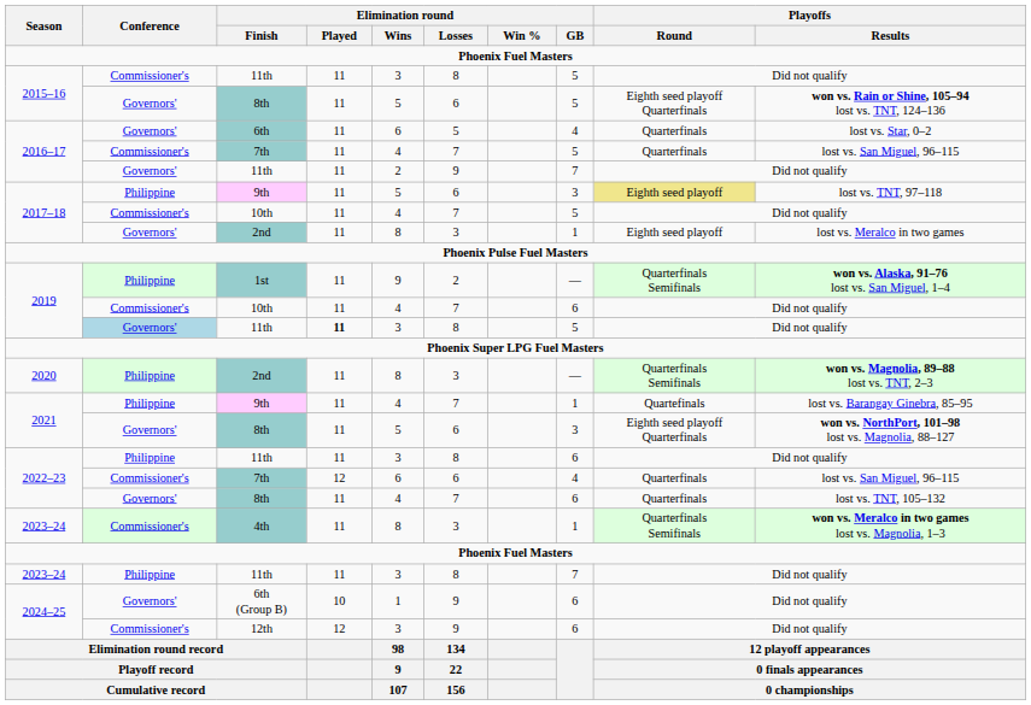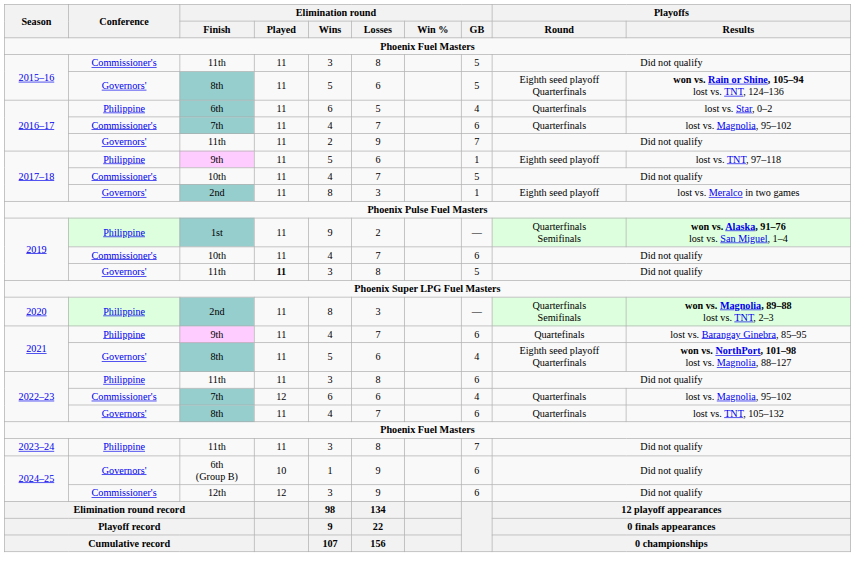 <table class="wikitable" style="width:100%; text-align:center; font-size:95%">
 <tr>
 <th rowspan=2>Season</th>
 <th rowspan=2>Conference</th>
 <th colspan=6>Elimination round</th>
 <th colspan=2>Playoffs</th>
 </tr>
 <tr>
 <th>Finish</th>
 <th>Played</th>
 <th>Wins</th>
 <th>Losses</th>
 <th>Win %</th>
 <th>GB</th>
 <th>Round</th>
 <th>Results</th>
 </tr>
 <tr>
 <td align="center" colspan="10"><strong>Phoenix Fuel Masters</strong></td>
 </tr>
 <tr>
 <td rowspan=2><a href='#'>2015–16</a> <br> </td>
 <td><a href='#'>Commissioner's</a></td>
 <td>11th</td>
 <td>11</td>
 <td>3</td>
 <td>8</td>
 <td></td>
 <td>5</td>
 <td colspan=2>Did not qualify</td>
 </tr>
 <tr>
 <td><a href='#'>Governors'</a></td>
 <td bgcolor="#96CDCD">8th</td>
 <td>11</td>
 <td>5</td>
 <td>6</td>
 <td></td>
 <td>5</td>
 <td>Eighth seed playoff <br> Quarterfinals</td>
 <td><strong>won vs. <a href='#'>Rain or Shine</a>, 105–94</strong> <br> lost vs. <a href='#'>TNT</a>, 124–136</td>
 </tr>
 <tr>
 <td rowspan=3><a href='#'>2016–17</a> <br> </td>
-<td><a href='#'>Governors'</a></td>
+<td><a href='#'>Philippine</a></td>
 <td bgcolor="#96CDCD">6th</td>
 <td>11</td>
 <td>6</td>
 <td>5</td>
 <td></td>
 <td>4</td>
 <td>Quarterfinals</td>
 <td>lost vs. <a href='#'>Star</a>, 0–2</td>
 </tr>
 <tr>
 <td><a href='#'>Commissioner's</a></td>
 <td bgcolor="#96CDCD">7th</td>
 <td>11</td>
 <td>4</td>
 <td>7</td>
 <td></td>
-<td>5</td>
+<td>6</td>
 <td>Quarterfinals</td>
-<td>lost vs. <a href='#'>San Miguel</a>, 96–115</td>
+<td>lost vs. <a href='#'>Magnolia</a>, 95–102</td>
 </tr>
 <tr>
 <td><a href='#'>Governors'</a></td>
 <td>11th</td>
 <td>11</td>
 <td>2</td>
 <td>9</td>
 <td></td>
 <td>7</td>
 <td colspan=2>Did not qualify</td>
 </tr>
 <tr>
 <td rowspan=3><a href='#'>2017–18</a> <br> </td>
 <td><a href='#'>Philippine</a></td>
 <td bgcolor="#FFCCFF">9th</td>
 <td>11</td>
 <td>5</td>
 <td>6</td>
 <td></td>
-<td>3</td>
-<td style="background: khaki;">Eighth seed playoff</td>
+<td>1</td>
+<td>Eighth seed playoff</td>
 <td>lost vs. <a href='#'>TNT</a>, 97–118</td>
 </tr>
 <tr>
 <td><a href='#'>Commissioner's</a></td>
 <td>10th</td>
 <td>11</td>
 <td>4</td>
 <td>7</td>
 <td></td>
 <td>5</td>
 <td colspan=2>Did not qualify</td>
 </tr>
 <tr>
 <td><a href='#'>Governors'</a></td>
 <td bgcolor="#96CDCD">2nd</td>
 <td>11</td>
 <td>8</td>
 <td>3</td>
 <td></td>
 <td>1</td>
 <td>Eighth seed playoff</td>
 <td>lost vs. <a href='#'>Meralco</a> in two games</td>
 </tr>
 <tr>
 <td align="center" colspan="10"><strong>Phoenix Pulse Fuel Masters</strong></td>
 </tr>
 <tr>
 <td rowspan=3><a href='#'>2019</a> <br> </td>
 <td bgcolor="#DDFFDD"><a href='#'>Philippine</a></td>
 <td bgcolor="#96CDCD">1st</td>
 <td>11</td>
 <td>9</td>
 <td>2</td>
 <td></td>
 <td>—</td>
 <td bgcolor="#DDFFDD">Quarterfinals <br> Semifinals</td>
 <td bgcolor="#DDFFDD"><strong>won vs. <a href='#'>Alaska</a>, 91–76</strong> <br> lost vs. <a href='#'>San Miguel</a>, 1–4</td>
 </tr>
 <tr>
 <td><a href='#'>Commissioner's</a></td>
 <td>10th</td>
 <td>11</td>
 <td>4</td>
 <td>7</td>
 <td></td>
 <td>6</td>
 <td colspan=2>Did not qualify</td>
 </tr>
 <tr>
-<td style="background: lightblue;"><a href='#'>Governors'</a></td>
+<td><a href='#'>Governors'</a></td>
 <td>11th</td>
 <td><strong>11</strong></td>
 <td>3</td>
 <td>8</td>
 <td></td>
 <td>5</td>
 <td colspan=2>Did not qualify</td>
 </tr>
 <tr>
 <td align="center" colspan="10"><strong>Phoenix Super LPG Fuel Masters</strong></td>
 </tr>
 <tr>
 <td><a href='#'>2020</a> <br> </td>
 <td bgcolor="#DDFFDD"><a href='#'>Philippine</a></td>
 <td bgcolor="#96CDCD">2nd</td>
 <td>11</td>
 <td>8</td>
 <td>3</td>
 <td></td>
 <td>—</td>
 <td bgcolor="#DDFFDD">Quarterfinals <br> Semifinals</td>
 <td bgcolor="#DDFFDD"><strong>won vs. <a href='#'>Magnolia</a>, 89–88</strong> <br> lost vs. <a href='#'>TNT</a>, 2–3</td>
 </tr>
 <tr>
 <td rowspan=2><a href='#'>2021</a> <br> </td>
 <td><a href='#'>Philippine</a></td>
 <td bgcolor="#FFCCFF">9th</td>
 <td>11</td>
 <td>4</td>
 <td>7</td>
 <td></td>
-<td>1</td>
+<td>6</td>
 <td>Quartefinals</td>
 <td>lost vs. <a href='#'>Barangay Ginebra</a>, 85–95</td>
 </tr>
 <tr>
 <td><a href='#'>Governors'</a></td>
 <td bgcolor="#96CDCD">8th</td>
 <td>11</td>
 <td>5</td>
 <td>6</td>
 <td></td>
-<td>3</td>
+<td>4</td>
 <td>Eighth seed playoff <br> Quarterfinals</td>
 <td><strong>won vs. <a href='#'>NorthPort</a>, 101–98</strong> <br> lost vs. <a href='#'>Magnolia</a>, 88–127</td>
 </tr>
 <tr>
 <td rowspan=3><a href='#'>2022–23</a> <br> </td>
 <td><a href='#'>Philippine</a></td>
 <td>11th</td>
 <td>11</td>
 <td>3</td>
 <td>8</td>
 <td></td>
 <td>6</td>
 <td colspan=2>Did not qualify</td>
 </tr>
 <tr>
 <td><a href='#'>Commissioner's</a></td>
 <td bgcolor="#96CDCD">7th</td>
 <td>12</td>
 <td>6</td>
 <td>6</td>
 <td></td>
 <td>4</td>
 <td>Quarterfinals</td>
-<td>lost vs. <a href='#'>San Miguel</a>, 96–115</td>
+<td>lost vs. <a href='#'>Magnolia</a>, 95–102</td>
 </tr>
 <tr>
 <td><a href='#'>Governors'</a></td>
 <td bgcolor="#96CDCD">8th</td>
 <td>11</td>
 <td>4</td>
 <td>7</td>
 <td></td>
 <td>6</td>
 <td>Quarterfinals</td>
 <td>lost vs. <a href='#'>TNT</a>, 105–132</td>
-</tr>
-<tr>
-<td><a href='#'>2023–24</a> <br> </td>
-<td bgcolor="#DDFFDD"><a href='#'>Commissioner's</a></td>
-<td bgcolor="#96CDCD">4th</td>
-<td>11</td>
-<td>8</td>
-<td>3</td>
-<td></td>
-<td>1</td>
-<td bgcolor="#DDFFDD">Quarterfinals <br> Semifinals</td>
-<td bgcolor="#DDFFDD"><strong>won vs. <a href='#'>Meralco</a> in two games</strong> <br> lost vs. <a href='#'>Magnolia</a>, 1–3</td>
 </tr>
 <tr>
 <td align="center" colspan="10"><strong>Phoenix Fuel Masters</strong></td>
 </tr>
 <tr>
 <td><a href='#'>2023–24</a> <br> </td>
 <td><a href='#'>Philippine</a></td>
 <td>11th</td>
 <td>11</td>
 <td>3</td>
 <td>8</td>
 <td></td>
 <td>7</td>
 <td colspan=2>Did not qualify</td>
 </tr>
 <tr>
 <td rowspan=2><a href='#'>2024–25</a> <br> </td>
 <td><a href='#'>Governors'</a></td>
 <td>6th <br> (Group B)</td>
 <td>10</td>
 <td>1</td>
 <td>9</td>
 <td></td>
 <td>6</td>
 <td colspan=2>Did not qualify</td>
 </tr>
 <tr>
 <td><a href='#'>Commissioner's</a></td>
 <td>12th</td>
 <td>12</td>
 <td>3</td>
 <td>9</td>
 <td></td>
 <td>6</td>
 <td colspan=2>Did not qualify</td>
 </tr>
 <tr>
 <th colspan=3>Elimination round record</th>
 <th></th>
 <th>98</th>
 <th>134</th>
 <th></th>
 <th rowspan=3></th>
 <th colspan=2>12 playoff appearances</th>
 </tr>
 <tr>
 <th colspan=3>Playoff record</th>
 <th></th>
 <th>9</th>
 <th>22</th>
 <th></th>
 <th colspan=2>0 finals appearances</th>
 </tr>
 <tr>
 <th colspan=3>Cumulative record</th>
 <th></th>
 <th>107</th>
 <th>156</th>
 <th></th>
 <th colspan=2>0 championships</th>
 </tr>
 </table>
